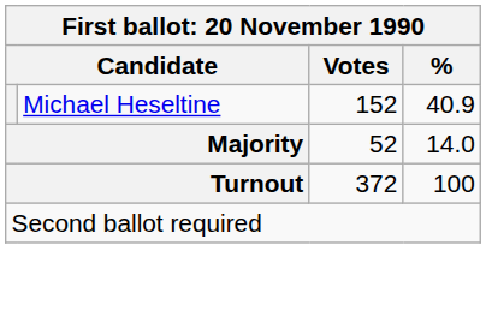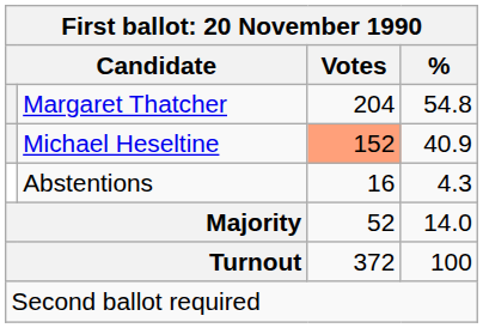 <table class="wikitable" style="font-size:95%;">
 <tr>
 <th colspan="4">First ballot: 20 November 1990</th>
 </tr>
 <tr>
 <th colspan="2" style="width: 170px">Candidate</th>
 <th style="width: 50px">Votes</th>
 <th style="width: 40px">%</th>
 </tr>
 <tr>
 <th style="background-color: "></th>
+<td style="width: 170px"><a href='#'>Margaret Thatcher</a></td>
+<td style="text-align:right;">204</td>
+<td style="text-align:right;">54.8</td>
+</tr>
+<tr>
+<th style="background-color: "></th>
 <td style="width: 170px"><a href='#'>Michael Heseltine</a></td>
-<td style="text-align:right;">152</td>
+<td style="background: lightsalmon; text-align:right;">152</td>
 <td style="text-align:right;">40.9</td>
+</tr>
+<tr>
+<th style="background-color:#FFFFFF"></th>
+<td style="width: 170px">Abstentions</td>
+<td style="text-align:right;">16</td>
+<td style="text-align:right;">4.3</td>
 </tr>
 <tr>
 <th colspan="2" style="text-align:right">Majority</th>
 <td style="text-align:right;">52</td>
 <td style="text-align:right;">14.0</td>
 </tr>
 <tr>
 <th colspan="2" style="text-align:right">Turnout</th>
 <td style="text-align:right;">372</td>
 <td align="right">100</td>
 </tr>
 <tr>
 <td colspan="4">Second ballot required</td>
 </tr>
 </table>
